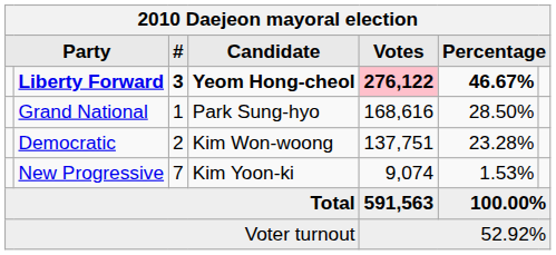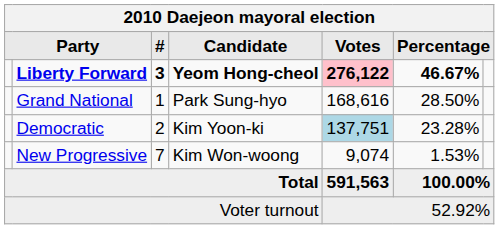 <table class="wikitable">
 <tr>
 <th colspan="7">2010 Daejeon mayoral election</th>
 </tr>
 <tr>
 <th style="background-color:#E9E9E9" colspan=2>Party</th>
 <th style="background-color:#E9E9E9">#</th>
 <th style="background-color:#E9E9E9">Candidate</th>
 <th style="background-color:#E9E9E9">Votes</th>
 <th style="background-color:#E9E9E9" colspan=2>Percentage</th>
 </tr>
 <tr style="font-weight:bold">
 <td></td>
 <td align=left><a href='#'>Liberty Forward</a></td>
 <td align=center>3</td>
 <td align=left>Yeom Hong-cheol</td>
 <td align=right style="background: pink;">276,122</td>
 <td align=right>46.67%</td>
 <td align=right></td>
 </tr>
 <tr>
 <td></td>
 <td align=left><a href='#'>Grand National</a></td>
 <td align=center>1</td>
 <td align=left>Park Sung-hyo</td>
 <td align=right>168,616</td>
 <td align=right>28.50%</td>
 <td align=right></td>
 </tr>
 <tr>
 <td></td>
 <td align=left><a href='#'>Democratic</a></td>
 <td align=center>2</td>
-<td align=left>Kim Won-woong</td>
-<td align=right>137,751</td>
+<td align=left>Kim Yoon-ki</td>
+<td align=right style="background: lightblue;">137,751</td>
 <td align=right>23.28%</td>
 <td align=right></td>
 </tr>
 <tr>
 <td></td>
 <td align=left><a href='#'>New Progressive</a></td>
 <td align=center>7</td>
-<td align=left>Kim Yoon-ki</td>
+<td align=left>Kim Won-woong</td>
 <td align=right>9,074</td>
 <td align=right>1.53%</td>
 <td align=right></td>
 </tr>
 <tr bgcolor="#EEEEEE" style="font-weight:bold">
 <td colspan="4" align=right>Total</td>
 <td align=right>591,563</td>
 <td align=right colspan=2>100.00%</td>
 </tr>
 <tr bgcolor="#EEEEEE">
 <td colspan="4" align="right">Voter turnout</td>
 <td colspan="3" align="right">52.92%</td>
 </tr>
 </table>
